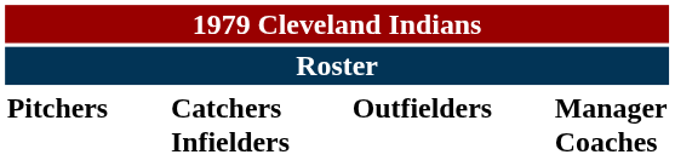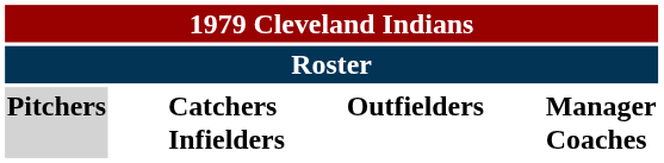 <table class="toccolours" style="font-size: 95%;">
 <tr>
 <th colspan="10" style="background-color: #990000; color: white; text-align: center;">1979 Cleveland Indians</th>
 </tr>
 <tr>
 <td colspan="10" style="background-color: #023456; color: white; text-align: center;"><strong>Roster</strong></td>
 </tr>
 <tr>
-<td valign="top"><strong>Pitchers</strong><br>             </td>
+<td valign="top" style="background: lightgrey;"><strong>Pitchers</strong><br>             </td>
 <td width="25px"></td>
 <td valign="top"><strong>Catchers</strong><br>    <strong>Infielders</strong>       </td>
 <td width="25px"></td>
 <td valign="top"><strong>Outfielders</strong><br>       </td>
 <td width="25px"></td>
 <td valign="top"><strong>Manager</strong><br>    <strong>Coaches</strong>        </td>
 </tr>
 </table>
